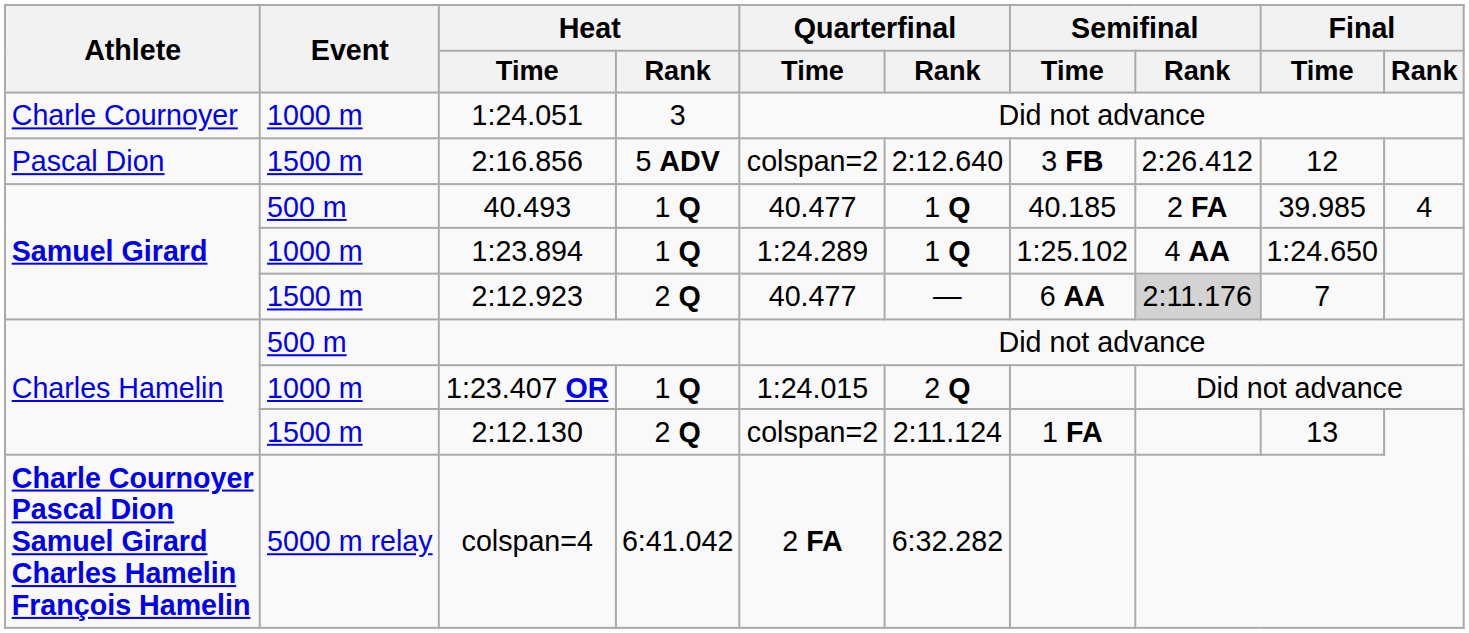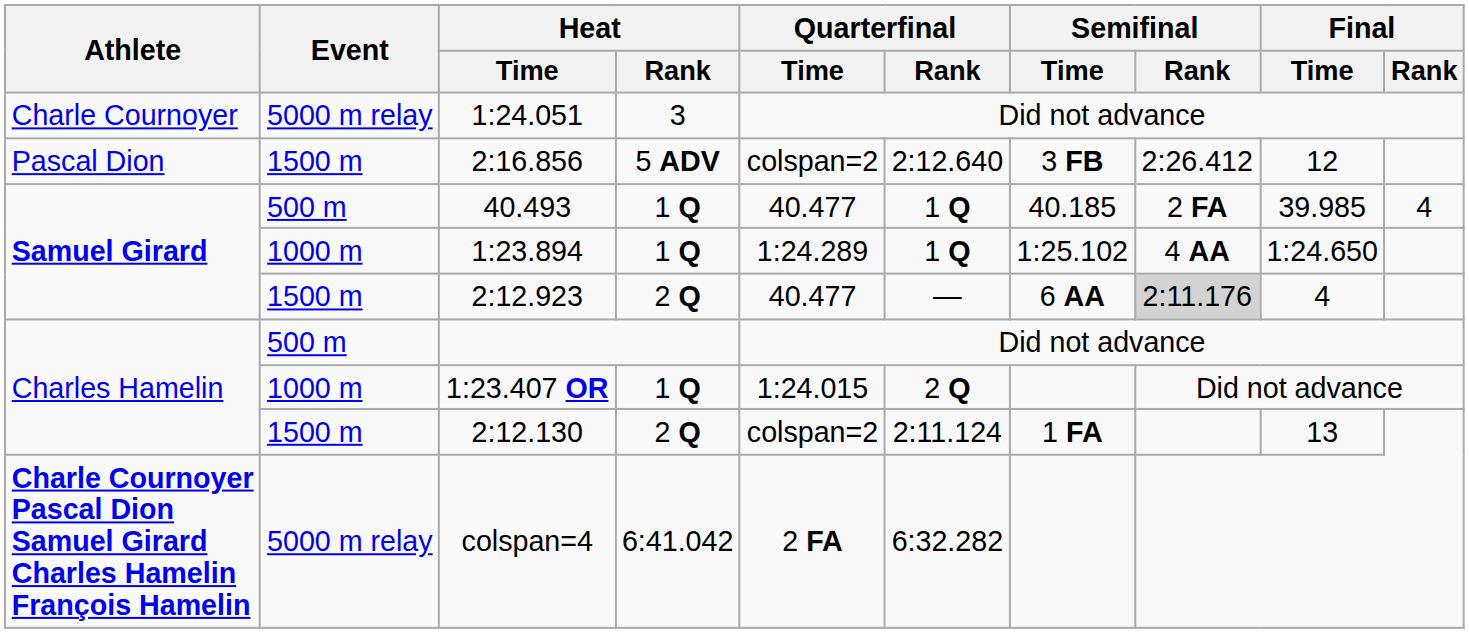 <table class="wikitable" style="font-size:90%">
 <tr>
 <th rowspan=2>Athlete</th>
 <th rowspan=2>Event</th>
 <th colspan=2>Heat</th>
 <th colspan=2>Quarterfinal</th>
 <th colspan=2>Semifinal</th>
 <th colspan=2>Final</th>
 </tr>
 <tr style="font-size:95%">
 <th>Time</th>
 <th>Rank</th>
 <th>Time</th>
 <th>Rank</th>
 <th>Time</th>
 <th>Rank</th>
 <th>Time</th>
 <th>Rank</th>
 </tr>
 <tr align=center>
 <td align=left><a href='#'>Charle Cournoyer</a></td>
-<td align=left><a href='#'>1000 m</a></td>
+<td align=left><a href='#'>5000 m relay</a></td>
 <td>1:24.051</td>
 <td>3</td>
 <td colspan=6>Did not advance</td>
 </tr>
 <tr align=center>
 <td align=left><a href='#'>Pascal Dion</a></td>
 <td align=left><a href='#'>1500 m</a></td>
 <td>2:16.856</td>
 <td>5 <strong>ADV</strong></td>
 <td>colspan=2 </td>
 <td>2:12.640</td>
 <td>3 <strong>FB</strong></td>
 <td>2:26.412</td>
 <td>12</td>
 </tr>
 <tr align=center>
 <td align=left rowspan=3><strong><a href='#'>Samuel Girard</a></strong></td>
 <td align=left><a href='#'>500 m</a></td>
 <td>40.493</td>
 <td>1 <strong>Q</strong></td>
 <td>40.477</td>
 <td>1 <strong>Q</strong></td>
 <td>40.185</td>
 <td>2 <strong>FA</strong></td>
 <td>39.985</td>
 <td>4</td>
 </tr>
 <tr align=center>
 <td align=left><a href='#'>1000 m</a></td>
 <td>1:23.894</td>
 <td>1 <strong>Q</strong></td>
 <td>1:24.289</td>
 <td>1 <strong>Q</strong></td>
 <td>1:25.102</td>
 <td>4 <strong>AA</strong></td>
 <td>1:24.650</td>
 <td></td>
 </tr>
 <tr align=center>
 <td align=left><a href='#'>1500 m</a></td>
 <td>2:12.923</td>
 <td>2 <strong>Q</strong></td>
 <td>40.477</td>
 <td>—</td>
 <td>6 <strong>AA</strong></td>
 <td style="background: lightgrey;">2:11.176</td>
-<td>7</td>
+<td>4</td>
 </tr>
 <tr align=center>
 <td align=left rowspan=3><a href='#'>Charles Hamelin</a></td>
 <td align=left><a href='#'>500 m</a></td>
 <td colspan=2></td>
 <td colspan=6>Did not advance</td>
 </tr>
 <tr align=center>
 <td align=left><a href='#'>1000 m</a></td>
 <td>1:23.407 <strong><a href='#'>OR</a></strong></td>
 <td>1 <strong>Q</strong></td>
 <td>1:24.015</td>
 <td>2 <strong>Q</strong></td>
 <td></td>
 <td colspan=3>Did not advance</td>
 </tr>
 <tr align=center>
 <td align=left><a href='#'>1500 m</a></td>
 <td>2:12.130</td>
 <td>2 <strong>Q</strong></td>
 <td>colspan=2 </td>
 <td>2:11.124</td>
 <td>1 <strong>FA</strong></td>
 <td></td>
 <td>13</td>
 </tr>
 <tr align=center>
 <td align=left><strong><a href='#'>Charle Cournoyer</a></strong><br><strong><a href='#'>Pascal Dion</a></strong><br><strong><a href='#'>Samuel Girard</a></strong><br><strong><a href='#'>Charles Hamelin</a></strong><br><strong><a href='#'>François Hamelin</a></strong></td>
 <td align=left><a href='#'>5000 m relay</a></td>
 <td>colspan=4 </td>
 <td>6:41.042</td>
 <td>2 <strong>FA</strong></td>
 <td>6:32.282</td>
 <td></td>
 </tr>
 </table>
